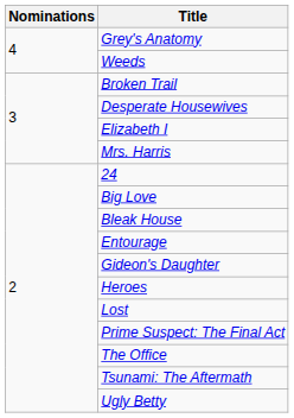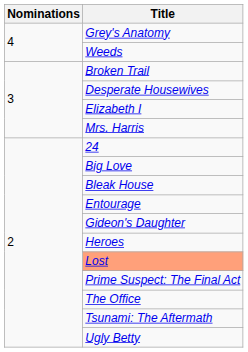 <table class="wikitable">
 <tr>
 <th>Nominations</th>
 <th>Title</th>
 </tr>
 <tr>
 <td rowspan="2">4</td>
 <td><em><a href='#'>Grey's Anatomy</a></em></td>
 </tr>
 <tr>
 <td><em><a href='#'>Weeds</a></em></td>
 </tr>
 <tr>
 <td rowspan="4">3</td>
 <td><em><a href='#'>Broken Trail</a></em></td>
 </tr>
 <tr>
 <td><em><a href='#'>Desperate Housewives</a></em></td>
 </tr>
 <tr>
 <td><em><a href='#'>Elizabeth I</a></em></td>
 </tr>
 <tr>
 <td><em><a href='#'>Mrs. Harris</a></em></td>
 </tr>
 <tr>
 <td rowspan="11">2</td>
 <td><em><a href='#'>24</a></em></td>
 </tr>
 <tr>
 <td><em><a href='#'>Big Love</a></em></td>
 </tr>
 <tr>
 <td><em><a href='#'>Bleak House</a></em></td>
 </tr>
 <tr>
 <td><em><a href='#'>Entourage</a></em></td>
 </tr>
 <tr>
 <td><em><a href='#'>Gideon's Daughter</a></em></td>
 </tr>
 <tr>
 <td><em><a href='#'>Heroes</a></em></td>
 </tr>
 <tr>
-<td><em><a href='#'>Lost</a></em></td>
+<td style="background: lightsalmon;"><em><a href='#'>Lost</a></em></td>
 </tr>
 <tr>
 <td><em><a href='#'>Prime Suspect: The Final Act</a></em></td>
 </tr>
 <tr>
 <td><em><a href='#'>The Office</a></em></td>
 </tr>
 <tr>
 <td><em><a href='#'>Tsunami: The Aftermath</a></em></td>
 </tr>
 <tr>
 <td><em><a href='#'>Ugly Betty</a></em></td>
 </tr>
 </table>
